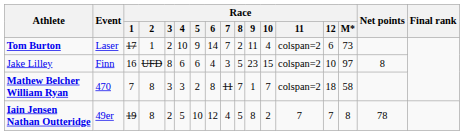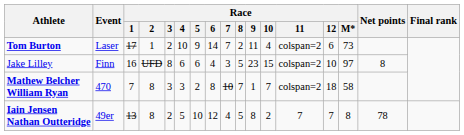 <table class="wikitable" style="font-size:90%">
 <tr>
 <th rowspan="2">Athlete</th>
 <th rowspan="2">Event</th>
 <th colspan=13>Race</th>
 <th rowspan=2>Net points</th>
 <th rowspan=2>Final rank</th>
 </tr>
 <tr style="font-size:95%">
 <th>1</th>
 <th>2</th>
 <th>3</th>
 <th>4</th>
 <th>5</th>
 <th>6</th>
 <th>7</th>
 <th>8</th>
 <th>9</th>
 <th>10</th>
 <th>11</th>
 <th>12</th>
 <th>M*</th>
 </tr>
 <tr align=center>
 <td align=left><strong><a href='#'>Tom Burton</a></strong></td>
 <td align=left><a href='#'>Laser</a></td>
 <td><s>17</s></td>
 <td>1</td>
 <td>2</td>
 <td>10</td>
 <td>9</td>
 <td>14</td>
 <td>7</td>
 <td>2</td>
 <td>11</td>
 <td>4</td>
 <td>colspan=2 </td>
 <td>6</td>
 <td>73</td>
 <td></td>
 </tr>
 <tr align=center>
 <td align=left><a href='#'>Jake Lilley</a></td>
 <td align=left><a href='#'>Finn</a></td>
 <td>16</td>
 <td><s>UFD</s></td>
 <td>8</td>
 <td>6</td>
 <td>6</td>
 <td>4</td>
 <td>3</td>
 <td>5</td>
 <td>23</td>
 <td>15</td>
 <td>colspan=2 </td>
 <td>10</td>
 <td>97</td>
 <td>8</td>
 </tr>
 <tr align=center>
 <td align=left><strong><a href='#'>Mathew Belcher</a><br><a href='#'>William Ryan</a></strong></td>
 <td align=left><a href='#'>470</a></td>
 <td>7</td>
 <td>8</td>
 <td>3</td>
 <td>3</td>
 <td>2</td>
 <td>8</td>
-<td><s>11</s></td>
+<td><s>10</s></td>
 <td>7</td>
 <td>1</td>
 <td>7</td>
 <td>colspan=2 </td>
 <td>18</td>
 <td>58</td>
 <td></td>
 </tr>
 <tr align=center>
 <td align=left><strong><a href='#'>Iain Jensen</a><br><a href='#'>Nathan Outteridge</a></strong></td>
 <td align=left><a href='#'>49er</a></td>
-<td><s>19</s></td>
+<td><s>13</s></td>
 <td>8</td>
 <td>2</td>
 <td>5</td>
 <td>10</td>
 <td>12</td>
 <td>4</td>
 <td>5</td>
 <td>8</td>
 <td>2</td>
 <td>7</td>
 <td>7</td>
 <td>8</td>
 <td>78</td>
 <td></td>
 </tr>
 </table>
